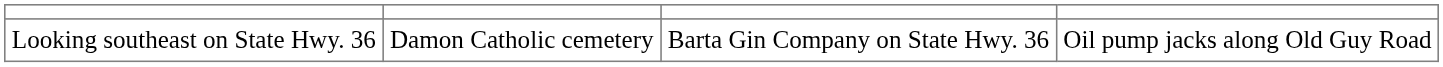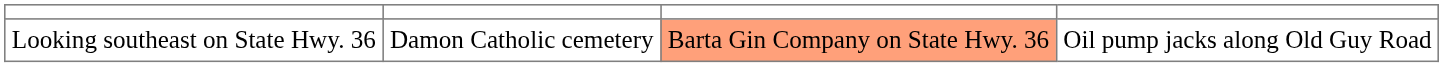 <table cellpadding="4" cellspacing="2" border="1" style="border-collapse:collapse;">
 <tr>
 <td></td>
 <td></td>
 <td></td>
 <td></td>
 </tr>
 <tr>
 <td>Looking southeast on State Hwy. 36</td>
 <td>Damon Catholic cemetery</td>
-<td>Barta Gin Company on State Hwy. 36</td>
+<td style="background: lightsalmon;">Barta Gin Company on State Hwy. 36</td>
 <td>Oil pump jacks along Old Guy Road</td>
 </tr>
 </table>
